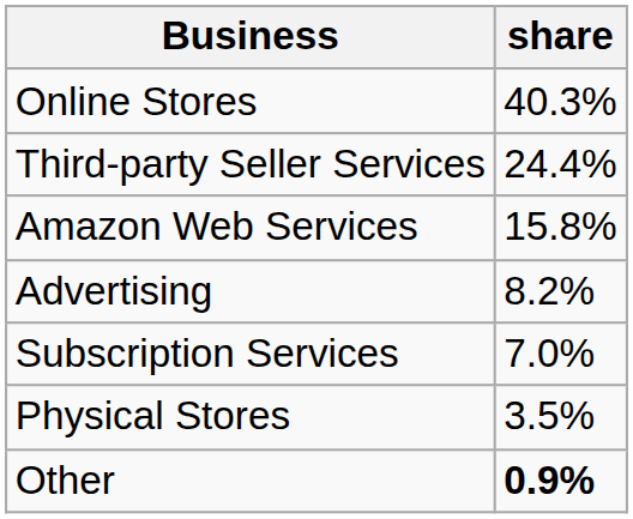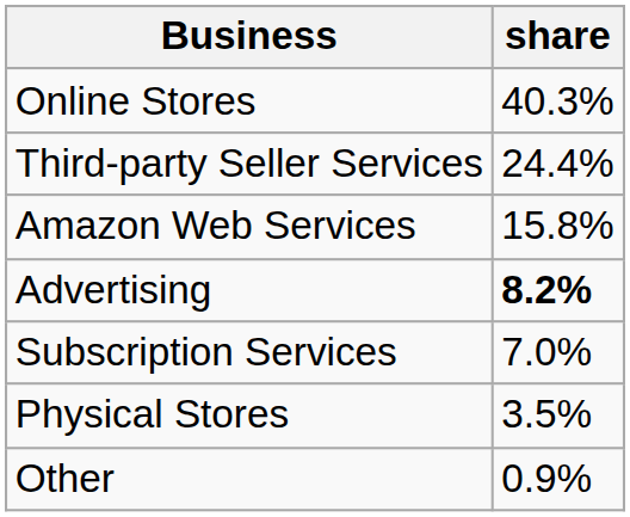 <table class="wikitable floatright">
 <tr>
 <th>Business</th>
 <th>share</th>
 </tr>
 <tr>
 <td>Online Stores</td>
 <td>40.3%</td>
 </tr>
 <tr>
 <td>Third-party Seller Services</td>
 <td>24.4%</td>
 </tr>
 <tr>
 <td>Amazon Web Services</td>
 <td>15.8%</td>
 </tr>
 <tr>
 <td>Advertising</td>
-<td>8.2%</td>
+<td><strong>8.2%</strong></td>
 </tr>
 <tr>
 <td>Subscription Services</td>
 <td>7.0%</td>
 </tr>
 <tr>
 <td>Physical Stores</td>
 <td>3.5%</td>
 </tr>
 <tr>
 <td>Other</td>
-<td><strong>0.9%</strong></td>
+<td>0.9%</td>
 </tr>
 </table>
